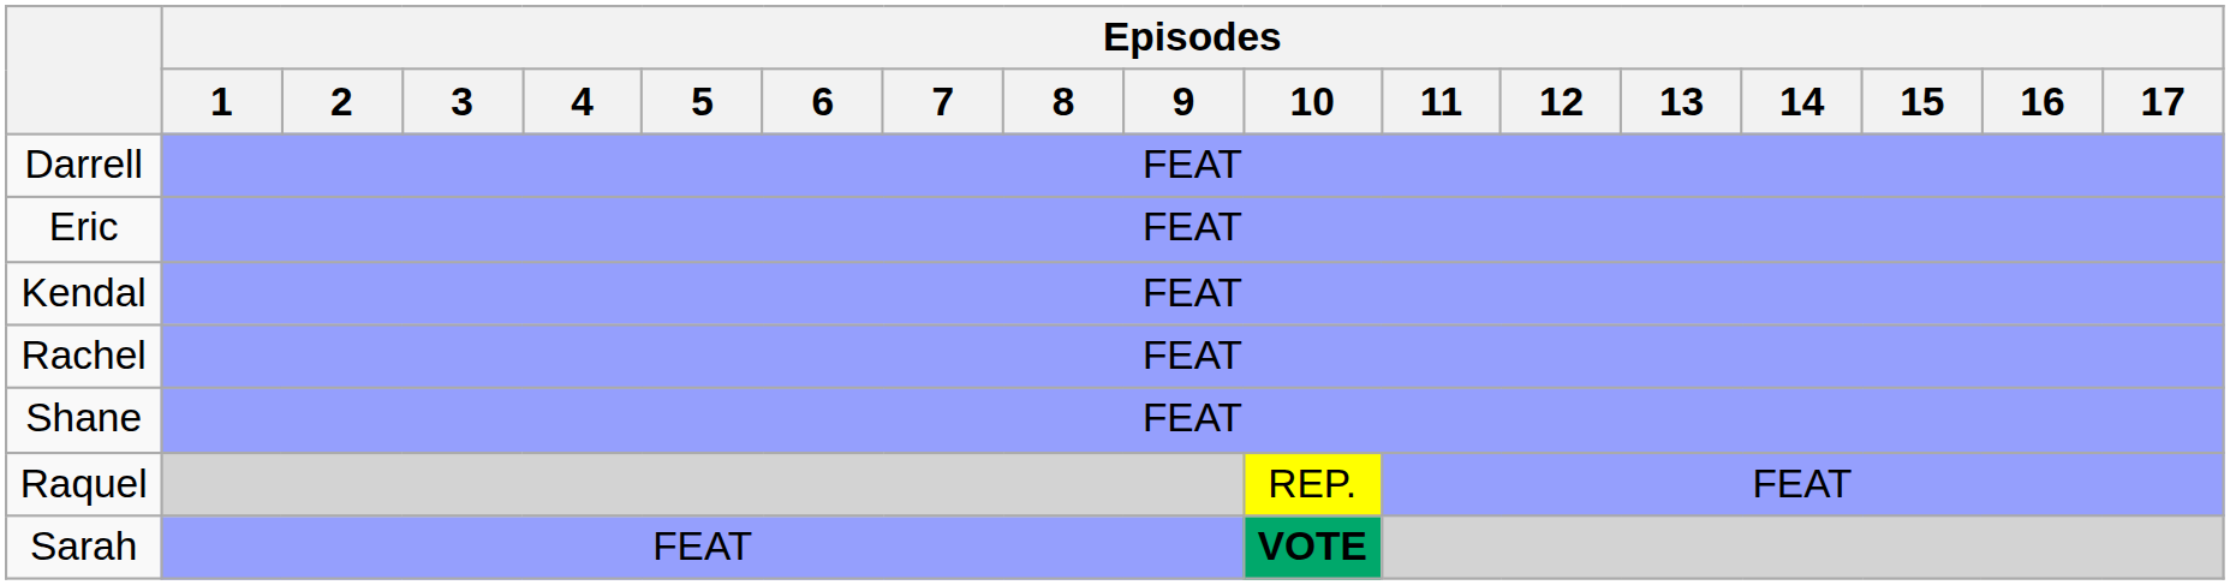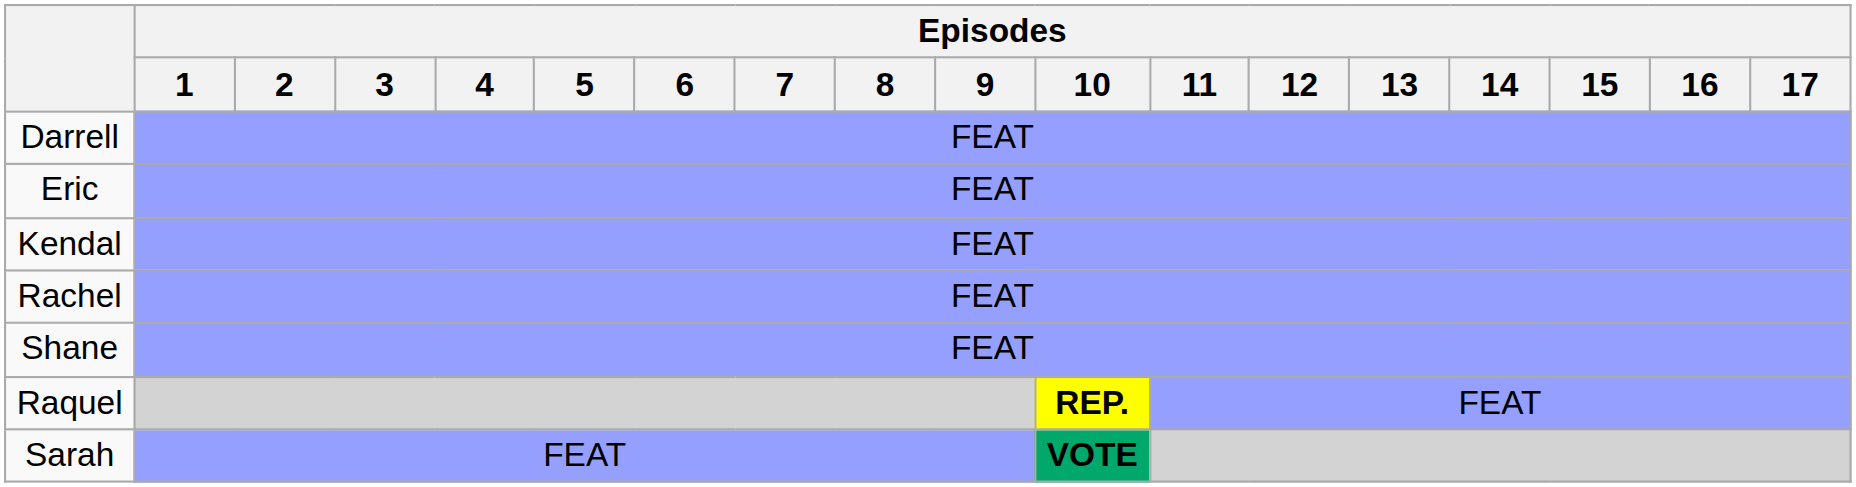 <table class="wikitable plainrowheaders" style="text-align:center; width:100%;">
 <tr>
 <th scope="col" rowspan="2" style="width:5%;"></th>
 <th scope="col" colspan="17">Episodes</th>
 </tr>
 <tr>
 <th scope="col" style="width:5%;">1</th>
 <th scope="col" style="width:5%;">2</th>
 <th scope="col" style="width:5%;">3</th>
 <th scope="col" style="width:5%;">4</th>
 <th scope="col" style="width:5%;">5</th>
 <th scope="col" style="width:5%;">6</th>
 <th scope="col" style="width:5%;">7</th>
 <th scope="col" style="width:5%;">8</th>
 <th scope="col" style="width:5%;">9</th>
 <th scope="col" style="width:5%;">10</th>
 <th scope="col" style="width:5%;">11</th>
 <th scope="col" style="width:5%;">12</th>
 <th scope="col" style="width:5%;">13</th>
 <th scope="col" style="width:5%;">14</th>
 <th scope="col" style="width:5%;">15</th>
 <th scope="col" style="width:5%;">16</th>
 <th scope="col" style="width:5%;">17</th>
 </tr>
 <tr>
 <td scope="row">Darrell</td>
 <td style="background:#959FFD;" colspan="17">FEAT</td>
 </tr>
 <tr>
 <td scope="row">Eric</td>
 <td style="background:#959FFD;" colspan="17">FEAT</td>
 </tr>
 <tr>
 <td scope="row">Kendal</td>
 <td style="background:#959FFD;" colspan="17">FEAT</td>
 </tr>
 <tr>
 <td scope="row">Rachel</td>
 <td style="background:#959FFD;" colspan="17">FEAT</td>
 </tr>
 <tr>
 <td scope="row">Shane</td>
 <td style="background:#959FFD;" colspan="17">FEAT</td>
 </tr>
 <tr>
 <td scope="row">Raquel</td>
 <td style="background:lightgrey;" colspan="9"></td>
-<td style="background:#FFFF00;">REP.</td>
+<td style="background:#FFFF00;"><strong>REP.</strong></td>
 <td style="background:#959FFD;" colspan="7">FEAT</td>
 </tr>
 <tr>
 <td scope="row">Sarah</td>
 <td style="background:#959FFD;" colspan="9">FEAT</td>
 <td style="background:#00A86B;"><strong>VOTE</strong></td>
 <td style="background:lightgrey;" colspan="7"></td>
 </tr>
 </table>
